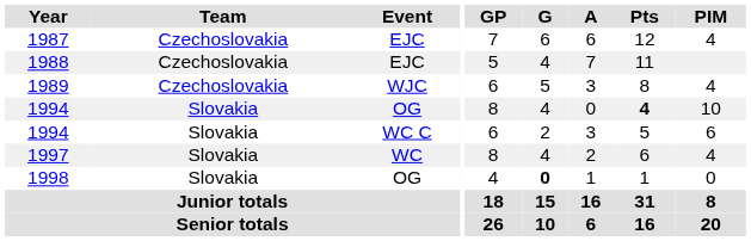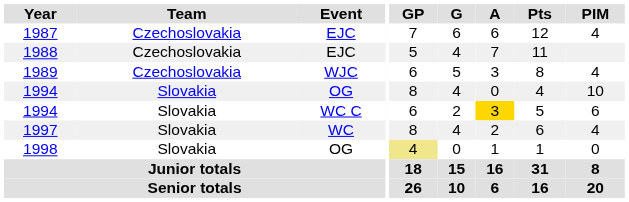 <table border="0" cellpadding="1" cellspacing="0" ID="Table3" style="text-align:center; width:40em">
 <tr ALIGN="center" bgcolor="#e0e0e0">
 <th>Year</th>
 <th>Team</th>
 <th>Event</th>
 <th rowspan="99" bgcolor="#ffffff"></th>
 <th>GP</th>
 <th>G</th>
 <th>A</th>
 <th>Pts</th>
 <th>PIM</th>
 </tr>
 <tr>
 <td><a href='#'>1987</a></td>
 <td><a href='#'>Czechoslovakia</a></td>
 <td><a href='#'>EJC</a></td>
 <td>7</td>
 <td>6</td>
 <td>6</td>
 <td>12</td>
 <td>4</td>
 </tr>
 <tr bgcolor="#f0f0f0">
 <td><a href='#'>1988</a></td>
 <td>Czechoslovakia</td>
 <td>EJC</td>
 <td>5</td>
 <td>4</td>
 <td>7</td>
 <td>11</td>
 <td></td>
 </tr>
 <tr>
 <td><a href='#'>1989</a></td>
 <td><a href='#'>Czechoslovakia</a></td>
 <td><a href='#'>WJC</a></td>
 <td>6</td>
 <td>5</td>
 <td>3</td>
 <td>8</td>
 <td>4</td>
 </tr>
 <tr bgcolor="#f0f0f0">
 <td><a href='#'>1994</a></td>
 <td><a href='#'>Slovakia</a></td>
 <td><a href='#'>OG</a></td>
 <td>8</td>
 <td>4</td>
 <td>0</td>
-<td><strong>4</strong></td>
+<td>4</td>
 <td>10</td>
 </tr>
 <tr>
 <td><a href='#'>1994</a></td>
 <td>Slovakia</td>
 <td><a href='#'>WC C</a></td>
 <td>6</td>
 <td>2</td>
-<td>3</td>
+<td style="background: gold;">3</td>
 <td>5</td>
 <td>6</td>
 </tr>
 <tr bgcolor="#f0f0f0">
 <td><a href='#'>1997</a></td>
 <td>Slovakia</td>
 <td><a href='#'>WC</a></td>
 <td>8</td>
 <td>4</td>
 <td>2</td>
 <td>6</td>
 <td>4</td>
 </tr>
 <tr>
 <td><a href='#'>1998</a></td>
 <td>Slovakia</td>
 <td>OG</td>
-<td>4</td>
-<td><strong>0</strong></td>
+<td style="background: khaki;">4</td>
+<td>0</td>
 <td>1</td>
 <td>1</td>
 <td>0</td>
 </tr>
 <tr bgcolor="#e0e0e0">
 <th colspan=3>Junior totals</th>
 <th>18</th>
 <th>15</th>
 <th>16</th>
 <th>31</th>
 <th>8</th>
 </tr>
 <tr bgcolor="#e0e0e0">
 <th colspan=3>Senior totals</th>
 <th>26</th>
 <th>10</th>
 <th>6</th>
 <th>16</th>
 <th>20</th>
 </tr>
 </table>
